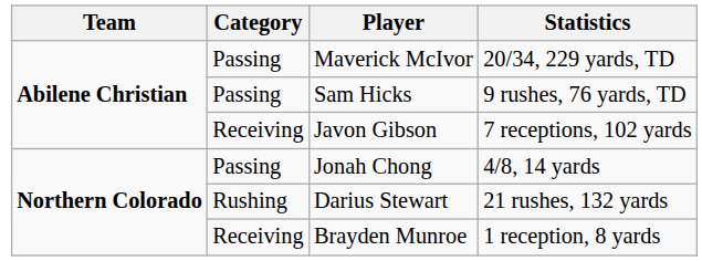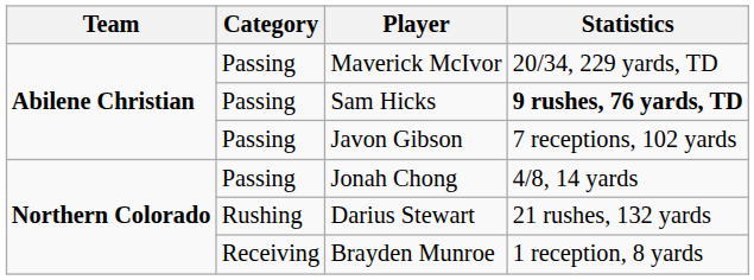 <table class="wikitable" style="float: right;">
 <tr>
 <th>Team</th>
 <th>Category</th>
 <th>Player</th>
 <th>Statistics</th>
 </tr>
 <tr>
 <td rowspan=3><strong>Abilene Christian</strong></td>
 <td>Passing</td>
 <td>Maverick McIvor</td>
 <td>20/34, 229 yards, TD</td>
 </tr>
 <tr>
 <td>Passing</td>
 <td>Sam Hicks</td>
-<td>9 rushes, 76 yards, TD</td>
+<td><strong>9 rushes, 76 yards, TD</strong></td>
 </tr>
 <tr>
-<td>Receiving</td>
+<td>Passing</td>
 <td>Javon Gibson</td>
 <td>7 receptions, 102 yards</td>
 </tr>
 <tr>
 <td rowspan=3><strong>Northern Colorado</strong></td>
 <td>Passing</td>
 <td>Jonah Chong</td>
 <td>4/8, 14 yards</td>
 </tr>
 <tr>
 <td>Rushing</td>
 <td>Darius Stewart</td>
 <td>21 rushes, 132 yards</td>
 </tr>
 <tr>
 <td>Receiving</td>
 <td>Brayden Munroe</td>
 <td>1 reception, 8 yards</td>
 </tr>
 </table>
